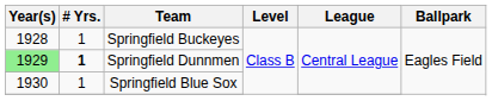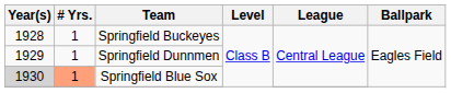 <table class="wikitable" style="text-align:center; font-size: 95%;">
 <tr>
 <th>Year(s)</th>
 <th># Yrs.</th>
 <th>Team</th>
 <th>Level</th>
 <th>League</th>
 <th>Ballpark</th>
 </tr>
 <tr>
 <td>1928</td>
 <td>1</td>
 <td>Springfield Buckeyes</td>
 <td rowspan=5><a href='#'>Class B</a></td>
 <td rowspan=3><a href='#'>Central League</a></td>
 <td rowspan=5>Eagles Field</td>
 </tr>
 <tr>
-<td style="background: lightgreen;">1929</td>
-<td><strong>1</strong></td>
+<td>1929</td>
+<td>1</td>
 <td>Springfield Dunnmen</td>
 </tr>
 <tr>
-<td>1930</td>
-<td>1</td>
+<td style="background: lightgrey;">1930</td>
+<td style="background: lightsalmon;">1</td>
 <td>Springfield Blue Sox</td>
 </tr>
 <tr>
 </tr>
 </table>
